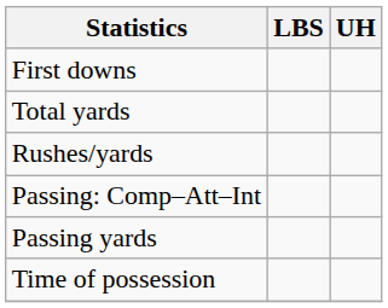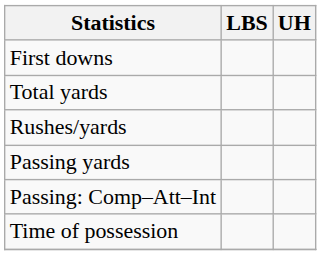 <table class="wikitable" style="float: left;">
 <tr>
 <th>Statistics</th>
 <th>LBS</th>
 <th>UH</th>
 </tr>
 <tr>
 <td>First downs</td>
 <td></td>
 <td></td>
 </tr>
 <tr>
 <td>Total yards</td>
 <td></td>
 <td></td>
 </tr>
 <tr>
 <td>Rushes/yards</td>
 <td></td>
 <td></td>
 </tr>
 <tr>
-<td>Passing: Comp–Att–Int</td>
+<td>Passing yards</td>
 <td></td>
 <td></td>
 </tr>
 <tr>
-<td>Passing yards</td>
+<td>Passing: Comp–Att–Int</td>
 <td></td>
 <td></td>
 </tr>
 <tr>
 <td>Time of possession</td>
 <td></td>
 <td></td>
 </tr>
 <tr>
 </tr>
 </table>
